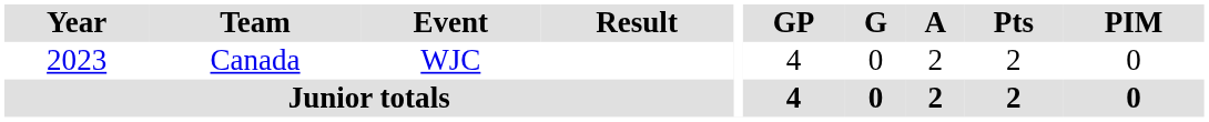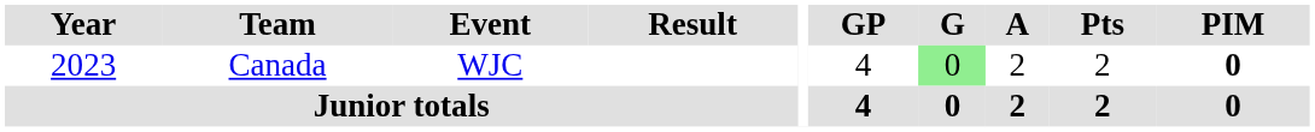 <table border="0" cellpadding="1" cellspacing="0" ID="Table3" style="text-align:center; width:40em">
 <tr bgcolor="#e0e0e0">
 <th>Year</th>
 <th>Team</th>
 <th>Event</th>
 <th>Result</th>
 <th rowspan="99" bgcolor="#ffffff"></th>
 <th>GP</th>
 <th>G</th>
 <th>A</th>
 <th>Pts</th>
 <th>PIM</th>
 </tr>
 <tr>
 <td><a href='#'>2023</a></td>
 <td><a href='#'>Canada</a></td>
 <td><a href='#'>WJC</a></td>
 <td></td>
 <td>4</td>
-<td>0</td>
+<td style="background: lightgreen;">0</td>
 <td>2</td>
 <td>2</td>
-<td>0</td>
+<td><strong>0</strong></td>
 </tr>
 <tr bgcolor="#e0e0e0">
 <th colspan="4">Junior totals</th>
 <th>4</th>
 <th>0</th>
 <th>2</th>
 <th>2</th>
 <th>0</th>
 </tr>
 </table>
